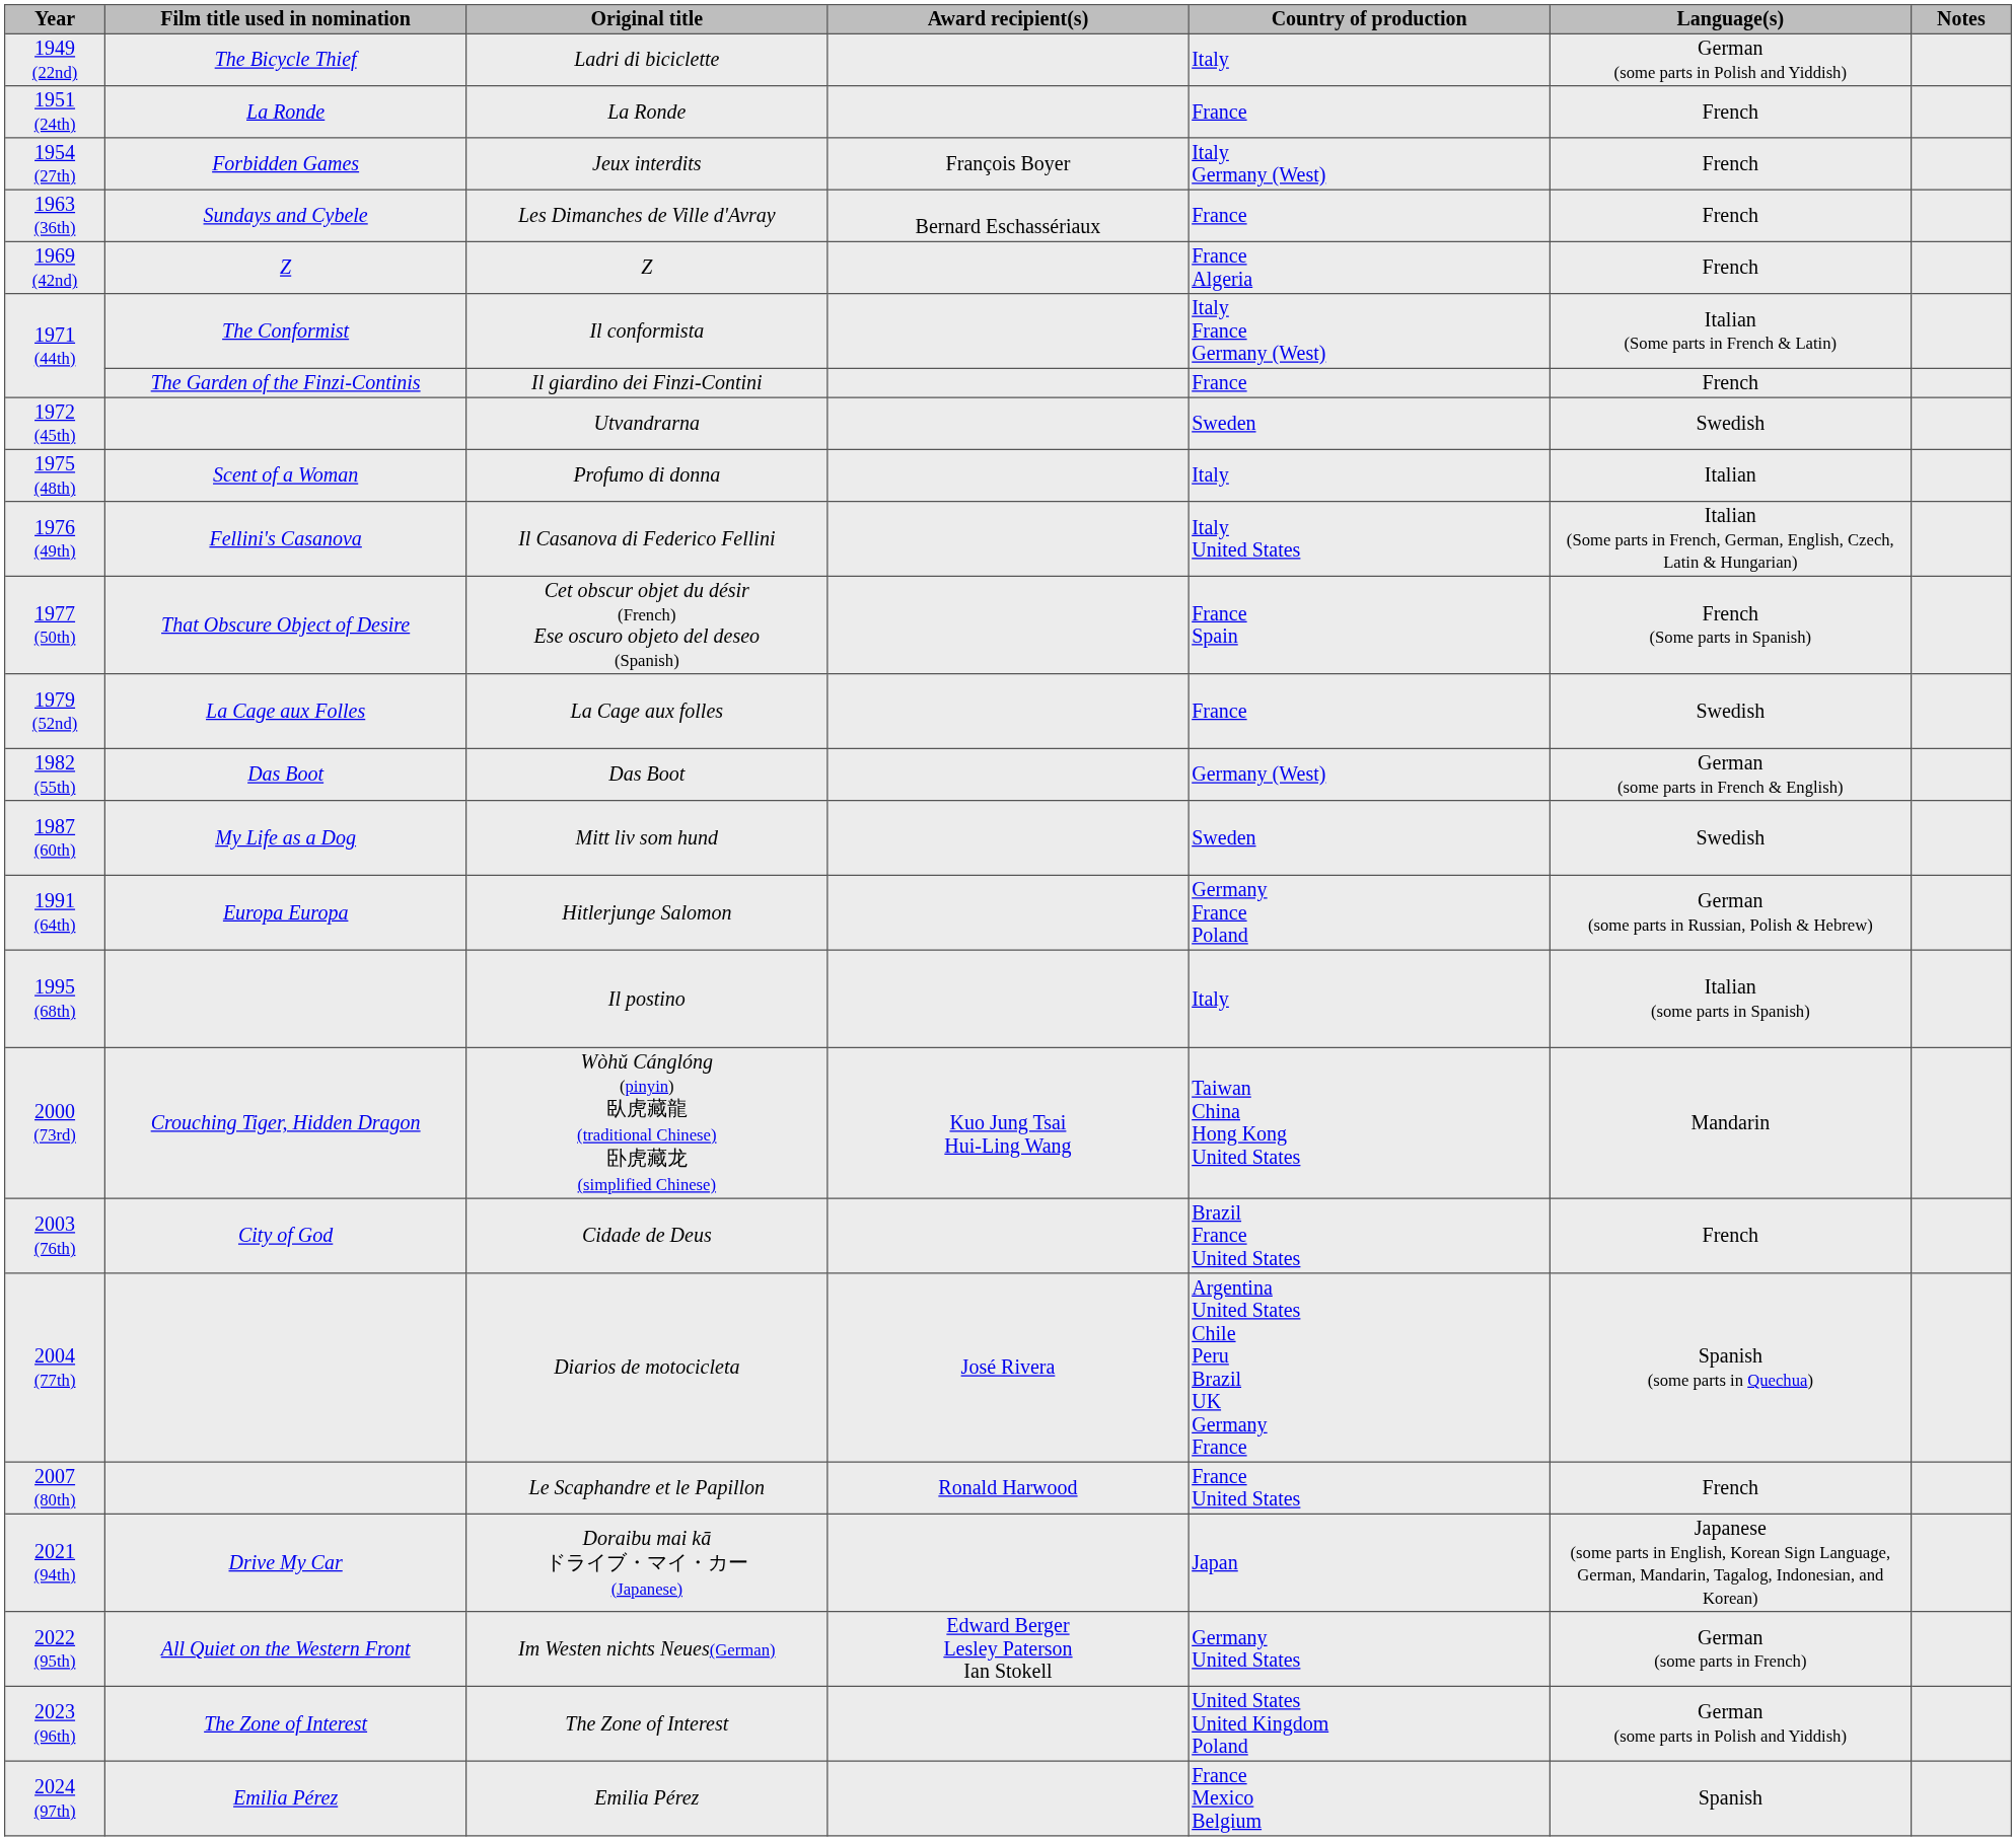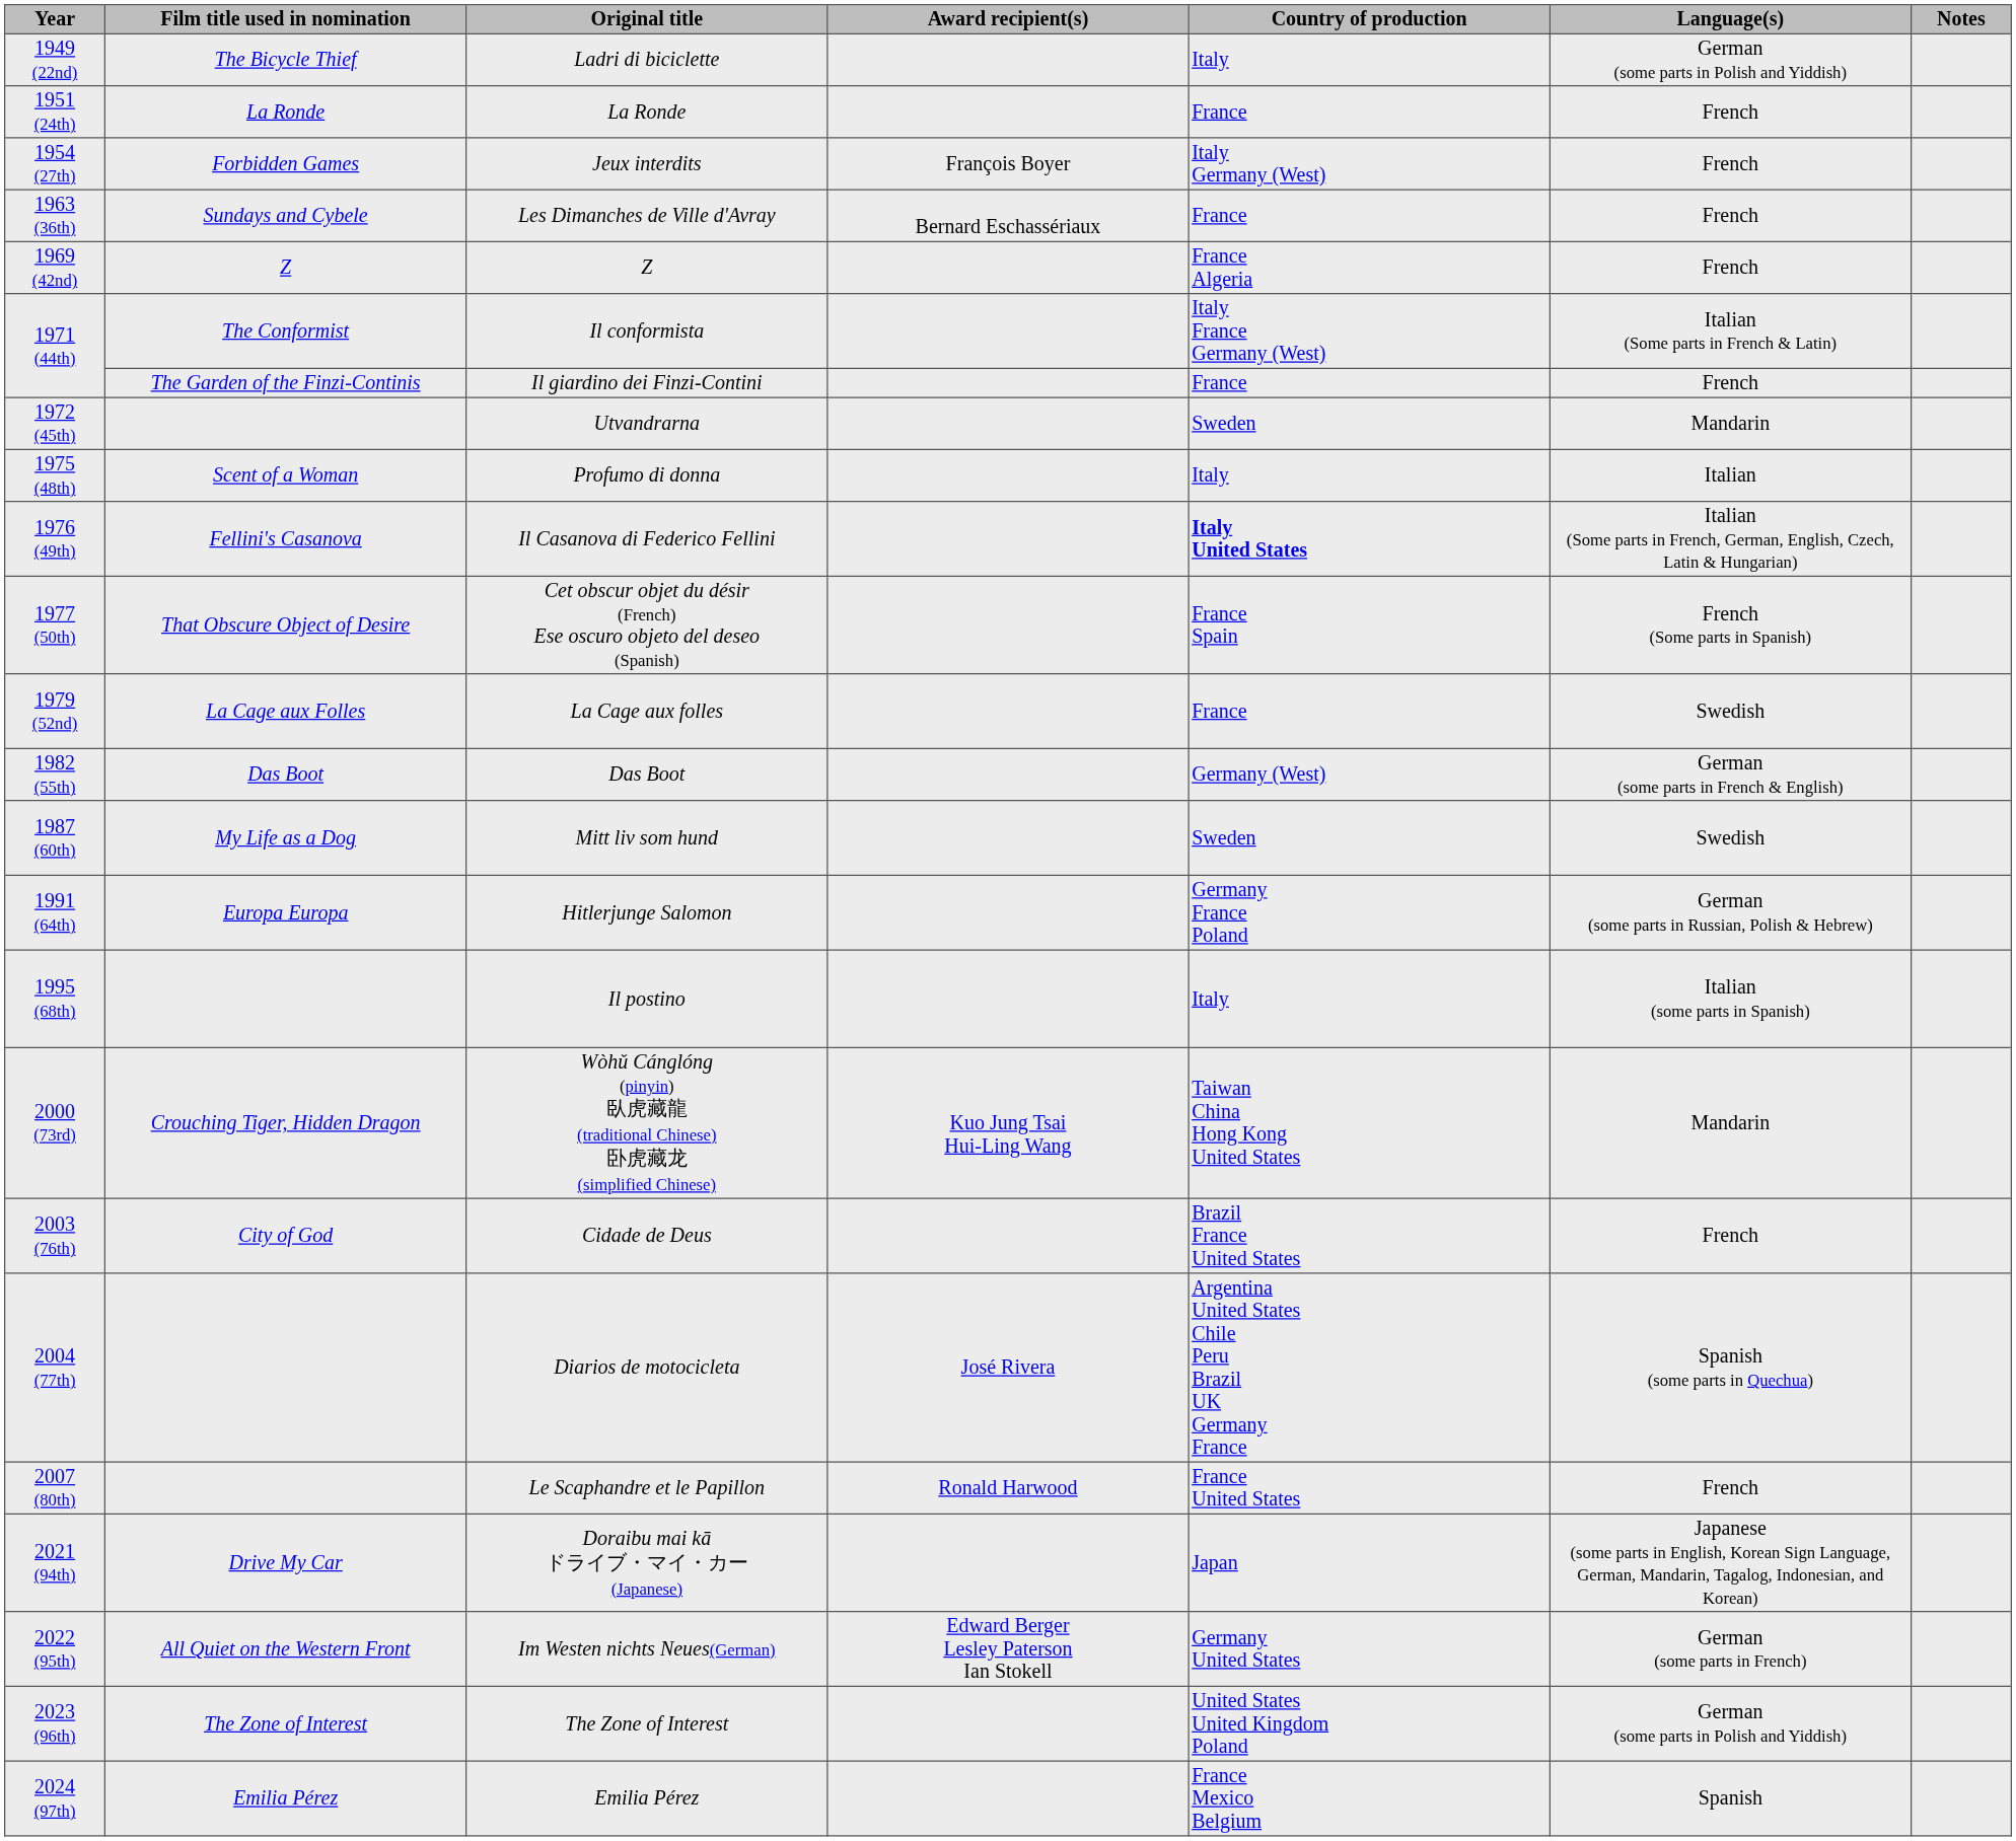 <table cellpadding=2 cellspacing=0 border=1 style="border-collapse:collapse; border: 1px #555 solid; text-align:center" class="sortable">
 <tr bgcolor="#bebebe">
 <th width="5%">Year</th>
 <th width="18%">Film title used in nomination</th>
 <th width="18%">Original title</th>
 <th width="18%">Award recipient(s)</th>
 <th width="18%">Country of production</th>
 <th width="18%">Language(s)</th>
 <th width="5%" class="unsortable">Notes</th>
 </tr>
 <tr bgcolor="#ececec">
 <td><a href='#'>1949</a><br><small><a href='#'>(22nd)</a></small></td>
 <td><em><a href='#'>The Bicycle Thief</a></em></td>
 <td><em>Ladri di biciclette</em></td>
 <td></td>
 <td align="left"> <a href='#'>Italy</a></td>
 <td>German <br><small>(some parts in Polish and Yiddish)</small></td>
 <td></td>
 </tr>
 <tr bgcolor="#ececec">
 <td><a href='#'>1951</a><br><small><a href='#'>(24th)</a></small></td>
 <td><em><a href='#'>La Ronde</a></em></td>
 <td><em>La Ronde</em></td>
 <td><br></td>
 <td align="left"> <a href='#'>France</a></td>
 <td>French</td>
 <td></td>
 </tr>
 <tr bgcolor="#ececec">
 <td><a href='#'>1954</a><br><small><a href='#'>(27th)</a></small></td>
 <td><em><a href='#'>Forbidden Games</a></em></td>
 <td><em>Jeux interdits </em></td>
 <td>François Boyer</td>
 <td align="left"> <a href='#'>Italy</a><br> <a href='#'>Germany (West)</a></td>
 <td>French</td>
 <td></td>
 </tr>
 <tr bgcolor="#ececec">
 <td><a href='#'>1963</a><br><small><a href='#'>(36th)</a></small></td>
 <td><em><a href='#'>Sundays and Cybele</a></em></td>
 <td><em>Les Dimanches de Ville d'Avray</em></td>
 <td><br>Bernard Eschassériaux</td>
 <td align="left"> <a href='#'>France</a></td>
 <td>French</td>
 <td></td>
 </tr>
 <tr bgcolor="#ececec">
 <td><a href='#'>1969</a><br><small><a href='#'>(42nd)</a></small></td>
 <td><em><a href='#'>Z</a></em></td>
 <td><em>Z</em></td>
 <td><br></td>
 <td align="left"> <a href='#'>France</a><br> <a href='#'>Algeria</a></td>
 <td>French</td>
 <td></td>
 </tr>
 <tr bgcolor="#ececec">
 <td rowspan=2><a href='#'>1971</a><br><small><a href='#'>(44th)</a></small></td>
 <td><em><a href='#'>The Conformist</a></em></td>
 <td><em>Il conformista</em></td>
 <td></td>
 <td align="left"> <a href='#'>Italy</a><br> <a href='#'>France</a><br> <a href='#'>Germany (West)</a></td>
 <td>Italian<br><small>(Some parts in French & Latin)</small></td>
 <td></td>
 </tr>
 <tr bgcolor="#ececec">
 <td><em><a href='#'>The Garden of the Finzi-Continis</a></em></td>
 <td><em>Il giardino dei Finzi-Contini</em></td>
 <td><br></td>
 <td align="left"> <a href='#'>France</a></td>
 <td>French</td>
 <td></td>
 </tr>
 <tr bgcolor="#ececec">
 <td><a href='#'>1972</a><br><small><a href='#'>(45th)</a></small></td>
 <td><em></em></td>
 <td><em>Utvandrarna</em></td>
 <td><br></td>
 <td align="left"> <a href='#'>Sweden</a></td>
-<td>Swedish</td>
+<td>Mandarin</td>
 <td></td>
 </tr>
 <tr bgcolor="#ececec">
 <td><a href='#'>1975</a><br><small><a href='#'>(48th)</a></small></td>
 <td><em><a href='#'>Scent of a Woman</a></em></td>
 <td><em>Profumo di donna</em></td>
 <td><br></td>
 <td align="left"> <a href='#'>Italy</a></td>
 <td>Italian</td>
 <td></td>
 </tr>
 <tr bgcolor="#ececec">
 <td><a href='#'>1976</a><br><small><a href='#'>(49th)</a></small></td>
 <td><em><a href='#'>Fellini's Casanova</a></em></td>
 <td><em>Il Casanova di Federico Fellini</em></td>
 <td><br></td>
-<td align="left"> <a href='#'>Italy</a><br> <a href='#'>United States</a></td>
+<td align="left"><strong> <a href='#'>Italy</a><br> <a href='#'>United States</a></strong></td>
 <td>Italian<br><small>(Some parts in French, German, English, Czech, Latin & Hungarian)</small></td>
 <td></td>
 </tr>
 <tr bgcolor="#ececec">
 <td><a href='#'>1977</a><br><small><a href='#'>(50th)</a></small></td>
 <td><em><a href='#'>That Obscure Object of Desire</a></em></td>
 <td><em>Cet obscur objet du désir</em><br><small>(French)</small><br><em>Ese oscuro objeto del deseo</em><br><small>(Spanish)</small></td>
 <td><br></td>
 <td align="left"> <a href='#'>France</a><br> <a href='#'>Spain</a></td>
 <td>French<br><small>(Some parts in Spanish)</small></td>
 <td></td>
 </tr>
 <tr bgcolor="#ececec">
 <td><a href='#'>1979</a><br><small><a href='#'>(52nd)</a></small></td>
 <td><em><a href='#'>La Cage aux Folles</a></em></td>
 <td><em>La Cage aux folles</em></td>
 <td><br><br><br></td>
 <td align="left"> <a href='#'>France</a></td>
 <td>Swedish</td>
 <td></td>
 </tr>
 <tr bgcolor="#ececec">
 <td><a href='#'>1982</a><br><small><a href='#'>(55th)</a></small></td>
 <td><em><a href='#'>Das Boot</a></em></td>
 <td><em>Das Boot</em></td>
 <td></td>
 <td align="left"> <a href='#'>Germany (West)</a></td>
 <td>German<br><small>(some parts in French & English)</small></td>
 <td></td>
 </tr>
 <tr bgcolor="#ececec">
 <td><a href='#'>1987</a><br><small><a href='#'>(60th)</a></small></td>
 <td><em><a href='#'>My Life as a Dog</a></em></td>
 <td><em>Mitt liv som hund</em></td>
 <td><br><br><br></td>
 <td align="left"> <a href='#'>Sweden</a></td>
 <td>Swedish</td>
 <td></td>
 </tr>
 <tr bgcolor="#ececec">
 <td><a href='#'>1991</a><br><small><a href='#'>(64th)</a></small></td>
 <td><em><a href='#'>Europa Europa</a></em></td>
 <td><em>Hitlerjunge Salomon</em></td>
 <td></td>
 <td align="left"> <a href='#'>Germany</a><br> <a href='#'>France</a><br> <a href='#'>Poland</a></td>
 <td>German<br><small>(some parts in Russian, Polish & Hebrew)</small></td>
 <td></td>
 </tr>
 <tr bgcolor="#ececec">
 <td><a href='#'>1995</a><br><small><a href='#'>(68th)</a></small></td>
 <td><em></em></td>
 <td><em>Il postino</em></td>
 <td><br><br><br><br></td>
 <td align="left"> <a href='#'>Italy</a></td>
 <td>Italian<br><small>(some parts in Spanish)</small></td>
 <td></td>
 </tr>
 <tr bgcolor="#ececec">
 <td><a href='#'>2000</a><br><small><a href='#'>(73rd)</a></small></td>
 <td><em><a href='#'>Crouching Tiger, Hidden Dragon</a></em></td>
 <td><em>Wòhǔ Cánglóng</em><br><small>(<a href='#'>pinyin</a>)</small><br>臥虎藏龍<br><small><a href='#'>(traditional Chinese)</a></small><br>卧虎藏龙<br><small><a href='#'>(simplified Chinese)</a></small></td>
 <td><br><a href='#'>Kuo Jung Tsai</a><br><a href='#'>Hui-Ling Wang</a></td>
 <td align="left"> <a href='#'>Taiwan</a><br> <a href='#'>China</a><br> <a href='#'>Hong Kong</a><br> <a href='#'>United States</a></td>
 <td>Mandarin</td>
 <td></td>
 </tr>
 <tr bgcolor="#ececec">
 <td><a href='#'>2003</a><br><small><a href='#'>(76th)</a></small></td>
 <td><em><a href='#'>City of God</a></em></td>
 <td><em>Cidade de Deus</em></td>
 <td></td>
 <td align="left"> <a href='#'>Brazil</a><br> <a href='#'>France</a><br> <a href='#'>United States</a></td>
 <td>French</td>
 <td></td>
 </tr>
 <tr bgcolor="#ececec">
 <td><a href='#'>2004</a><br><small><a href='#'>(77th)</a></small></td>
 <td><em></em></td>
 <td><em>Diarios de motocicleta</em></td>
 <td><a href='#'>José Rivera</a></td>
 <td align="left"> <a href='#'>Argentina</a><br> <a href='#'>United States</a><br> <a href='#'>Chile</a><br> <a href='#'>Peru</a><br> <a href='#'>Brazil</a><br> <a href='#'>UK</a><br> <a href='#'>Germany</a><br> <a href='#'>France</a></td>
 <td>Spanish<br><small>(some parts in <a href='#'>Quechua</a>)</small></td>
 <td></td>
 </tr>
 <tr bgcolor="#ececec">
 <td><a href='#'>2007</a><br><small><a href='#'>(80th)</a></small></td>
 <td><em></em></td>
 <td><em>Le Scaphandre et le Papillon</em></td>
 <td><a href='#'>Ronald Harwood</a></td>
 <td align="left"> <a href='#'>France</a><br> <a href='#'>United States</a></td>
 <td>French</td>
 <td></td>
 </tr>
 <tr bgcolor="#ececec">
 <td><a href='#'>2021</a><br><small><a href='#'>(94th)</a></small></td>
 <td><em><a href='#'>Drive My Car</a></em></td>
 <td><em>Doraibu mai kā</em><br>ドライブ・マイ・カー<br><small><a href='#'>(Japanese)</a></small></td>
 <td><br></td>
 <td align="left"> <a href='#'>Japan</a></td>
 <td>Japanese <br><small>(some parts in English, Korean Sign Language, German, Mandarin, Tagalog, Indonesian, and Korean)</small></td>
 <td></td>
 </tr>
 <tr bgcolor="#ececec">
 <td><a href='#'>2022</a><br><small><a href='#'>(95th)</a></small></td>
 <td><em><a href='#'>All Quiet on the Western Front</a></em></td>
 <td><em>Im Westen nichts Neues</em><small><a href='#'>(German)</a></small></td>
 <td><a href='#'>Edward Berger</a><br><a href='#'>Lesley Paterson</a><br>Ian Stokell</td>
 <td align="left"> <a href='#'>Germany</a><br> <a href='#'>United States</a></td>
 <td>German <br><small>(some parts in French)</small></td>
 <td></td>
 </tr>
 <tr bgcolor="#ececec">
 <td><a href='#'>2023</a><br><small><a href='#'>(96th)</a></small></td>
 <td><em><a href='#'>The Zone of Interest</a></em></td>
 <td><em>The Zone of Interest</em></td>
 <td></td>
 <td align="left"> <a href='#'>United States</a> <br>  <a href='#'>United Kingdom</a> <br>  <a href='#'>Poland</a></td>
 <td>German <br><small>(some parts in Polish and Yiddish)</small></td>
 <td></td>
 </tr>
 <tr bgcolor="#ececec">
 <td><a href='#'>2024</a><br><small><a href='#'>(97th)</a></small></td>
 <td><em><a href='#'>Emilia Pérez</a></em></td>
 <td><em>Emilia Pérez</em></td>
 <td><br></td>
 <td align="left"> <a href='#'>France</a> <br>  <a href='#'>Mexico</a> <br>  <a href='#'>Belgium</a></td>
 <td>Spanish</td>
 <td></td>
 </tr>
 </table>
